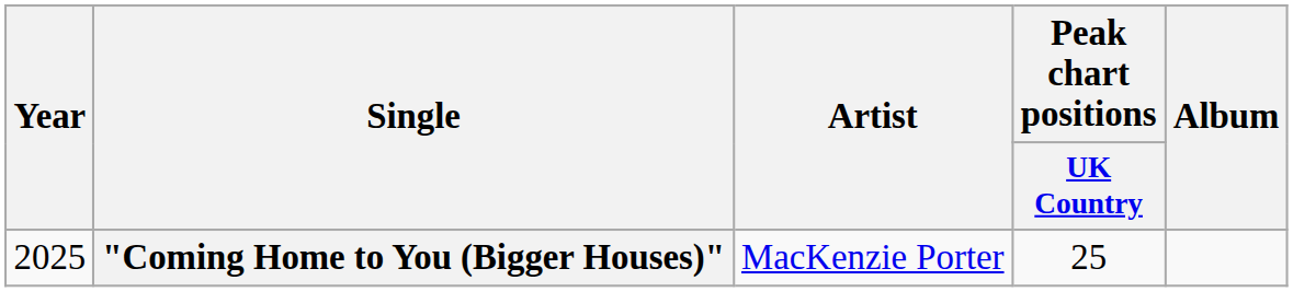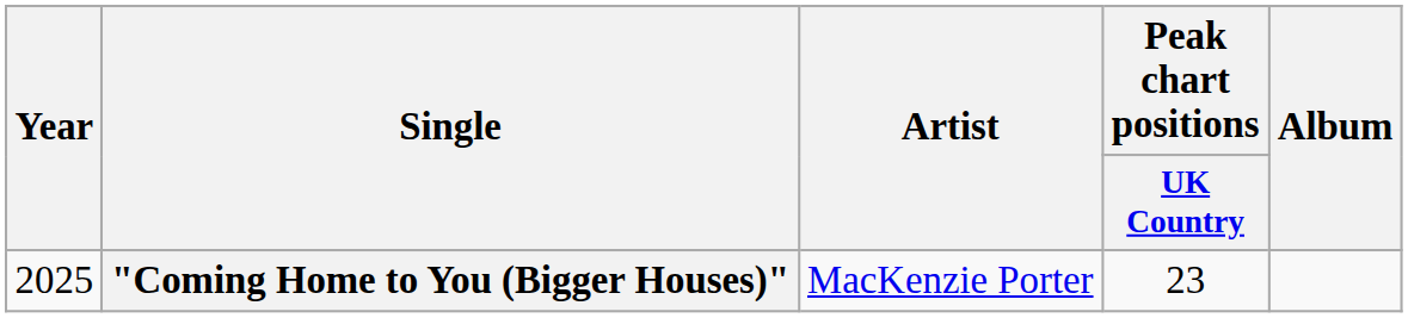 <table class="wikitable plainrowheaders" style="text-align:center;">
 <tr>
 <th rowspan="2">Year</th>
 <th rowspan="2" style="widtha:18em;">Single</th>
 <th rowspan="2">Artist</th>
 <th colspan="1">Peak chart positions</th>
 <th rowspan="2">Album</th>
 </tr>
 <tr style="font-size:smaller;">
 <th style="width:4em;"><a href='#'>UK<br>Country</a><br></th>
 </tr>
 <tr>
 <td>2025</td>
 <th scope="row">"Coming Home to You (Bigger Houses)"</th>
 <td><a href='#'>MacKenzie Porter</a></td>
-<td>25</td>
+<td>23</td>
 <td></td>
 </tr>
 </table>
